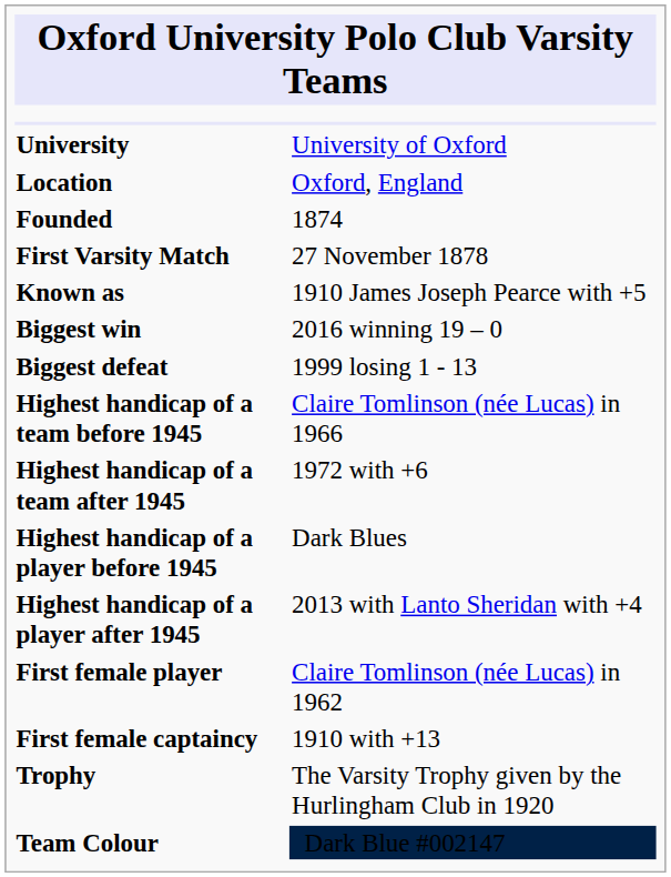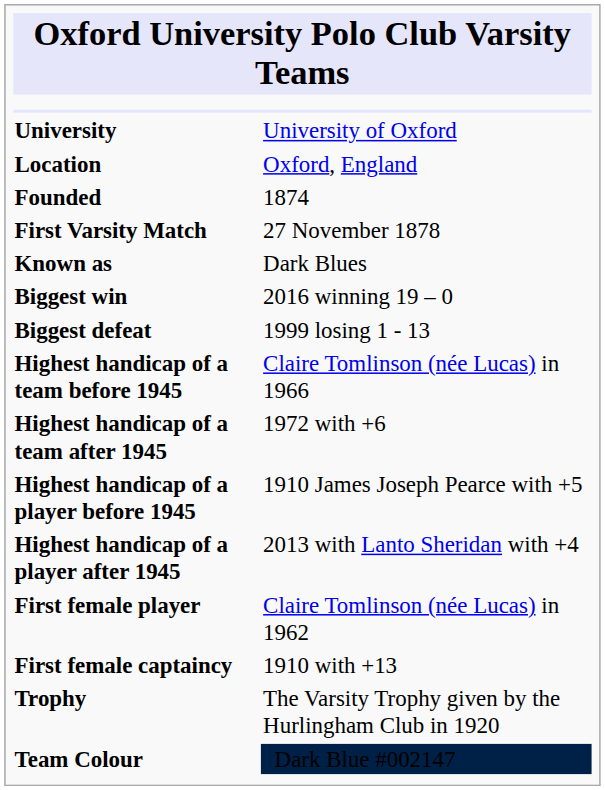 <table class="infobox" style="width: 26em; font-size: 95%;">
 <tr>
 <td colspan="2" style="text-align: center; font-size: 150%;background:lavender;"><strong>Oxford University Polo Club Varsity Teams</strong></td>
 </tr>
 <tr>
 <td colspan="2" style="width:100%; vertical-align:middle; text-align:center;"></td>
 </tr>
 <tr>
 <td colspan="2" style="width:100%; vertical-align:middle; text-align:center;"></td>
 </tr>
 <tr>
 <td colspan="2" style="text-align: center; font-size: 100%; background:lavender;"></td>
 </tr>
 <tr>
 <td><strong>University</strong></td>
 <td><a href='#'>University of Oxford</a></td>
 </tr>
 <tr>
 <td><strong>Location</strong></td>
 <td><a href='#'>Oxford</a>, <a href='#'>England</a></td>
 </tr>
 <tr>
 <td><strong>Founded</strong></td>
 <td>1874</td>
 </tr>
 <tr>
 <td><strong>First Varsity Match</strong></td>
 <td>27 November 1878</td>
 </tr>
 <tr>
 <td><strong>Known as</strong></td>
-<td>1910 James Joseph Pearce with +5</td>
+<td>Dark Blues</td>
 </tr>
 <tr>
 <td><strong>Biggest win</strong></td>
 <td>2016 winning 19 – 0</td>
 </tr>
 <tr>
 <td><strong>Biggest defeat</strong></td>
 <td>1999 losing 1 - 13</td>
 </tr>
 <tr>
 <td><strong>Highest handicap of a team before 1945</strong></td>
 <td><a href='#'>Claire Tomlinson (née Lucas)</a> in 1966</td>
 </tr>
 <tr>
 <td><strong>Highest handicap of a team after 1945</strong></td>
 <td>1972 with +6</td>
 </tr>
 <tr>
 <td><strong>Highest handicap of a player before 1945</strong></td>
-<td>Dark Blues</td>
+<td>1910 James Joseph Pearce with +5</td>
 </tr>
 <tr>
 <td><strong>Highest handicap of a player after 1945</strong></td>
 <td>2013 with <a href='#'>Lanto Sheridan</a> with +4</td>
 </tr>
 <tr>
 <td><strong>First female player</strong></td>
 <td><a href='#'>Claire Tomlinson (née Lucas)</a> in 1962</td>
 </tr>
 <tr>
 <td><strong>First female captaincy</strong></td>
 <td>1910 with +13</td>
 </tr>
 <tr>
 <td><strong>Trophy</strong></td>
 <td>The Varsity Trophy given by the Hurlingham Club in 1920</td>
 </tr>
 <tr>
 <td><strong>Team Colour</strong></td>
 <td style="background:#002147">  <span>Dark Blue #002147</span></td>
 </tr>
 <tr>
 </tr>
 </table>
